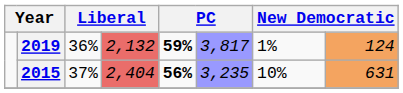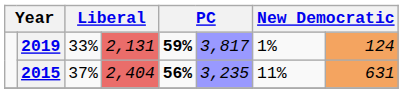 <table class="wikitable" style="float:right; width:400; font-size:90%; margin-left:1em;">
 <tr>
 <th colspan="2" scope="col">Year</th>
 <th colspan="2" scope="col"><a href='#'>Liberal</a></th>
 <th colspan="2" scope="col"><a href='#'>PC</a></th>
 <th colspan="2" scope="col"><a href='#'>New Democratic</a></th>
 </tr>
 <tr>
 <td rowspan="2" style="width: 0.25em; background-color: "></td>
 <th><a href='#'>2019</a></th>
-<td>36%</td>
-<td style="text-align:right; background:#EA6D6A;"><em>2,132</em></td>
+<td>33%</td>
+<td style="text-align:right; background:#EA6D6A;"><em>2,131</em></td>
 <td><strong>59%</strong></td>
 <td style="text-align:right; background:#9999FF;"><em>3,817</em></td>
 <td>1%</td>
 <td style="text-align:right; background:#F4A460;"><em>124</em></td>
 </tr>
 <tr>
 <th><a href='#'>2015</a></th>
 <td>37%</td>
 <td style="text-align:right; background:#EA6D6A;"><em>2,404</em></td>
 <td><strong>56%</strong></td>
 <td style="text-align:right; background:#9999FF;"><em>3,235</em></td>
-<td>10%</td>
+<td>11%</td>
 <td style="text-align:right; background:#F4A460;"><em>631</em></td>
 </tr>
 <tr>
 </tr>
 </table>
